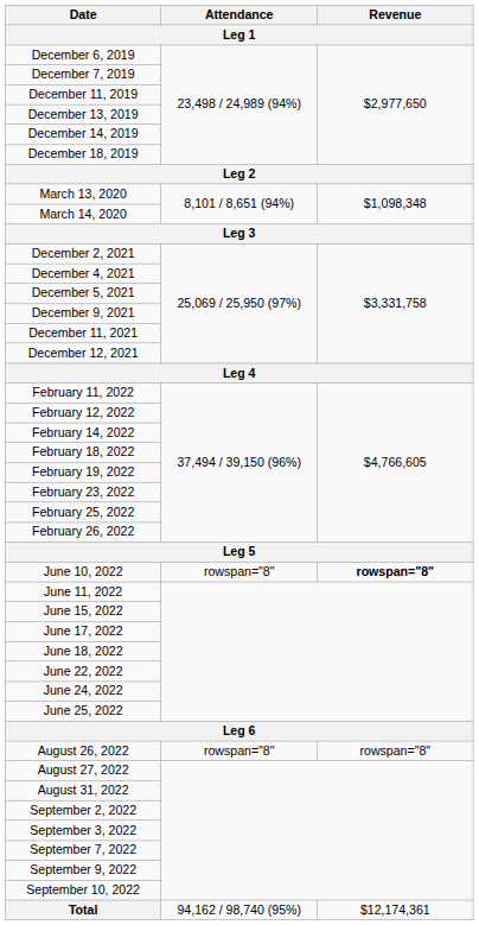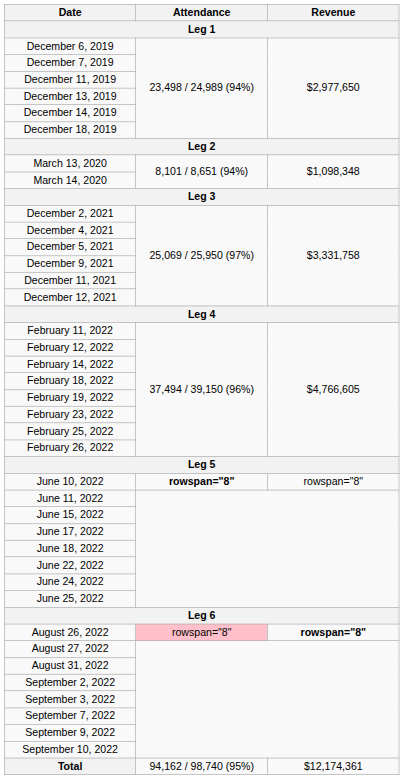 <table class="wikitable plainrowheaders" style="text-align:center;">
 <tr>
 <th scope="col" style="width:12em;">Date</th>
 <th scope="col" style="width:12em;">Attendance</th>
 <th scope="col" style="width:12em;">Revenue</th>
 </tr>
 <tr>
 <th colspan="3">Leg 1</th>
 </tr>
 <tr>
 <td>December 6, 2019</td>
 <td rowspan="6">23,498 / 24,989 (94%)</td>
 <td rowspan="6">$2,977,650</td>
 </tr>
 <tr>
 <td>December 7, 2019</td>
 </tr>
 <tr>
 <td>December 11, 2019</td>
 </tr>
 <tr>
 <td>December 13, 2019</td>
 </tr>
 <tr>
 <td>December 14, 2019</td>
 </tr>
 <tr>
 <td>December 18, 2019</td>
 </tr>
 <tr>
 <th colspan="3">Leg 2</th>
 </tr>
 <tr>
 <td>March 13, 2020</td>
 <td rowspan="2">8,101 / 8,651 (94%)</td>
 <td rowspan="2">$1,098,348</td>
 </tr>
 <tr>
 <td>March 14, 2020</td>
 </tr>
 <tr>
 <th colspan="3">Leg 3</th>
 </tr>
 <tr>
 <td>December 2, 2021</td>
 <td rowspan="6">25,069 / 25,950 (97%)</td>
 <td rowspan="6">$3,331,758</td>
 </tr>
 <tr>
 <td>December 4, 2021</td>
 </tr>
 <tr>
 <td>December 5, 2021</td>
 </tr>
 <tr>
 <td>December 9, 2021</td>
 </tr>
 <tr>
 <td>December 11, 2021</td>
 </tr>
 <tr>
 <td>December 12, 2021</td>
 </tr>
 <tr>
 <th colspan="3">Leg 4</th>
 </tr>
 <tr>
 <td scope="row">February 11, 2022</td>
 <td rowspan="8">37,494 / 39,150 (96%)</td>
 <td rowspan="8">$4,766,605</td>
 </tr>
 <tr>
 <td scope="row">February 12, 2022</td>
 </tr>
 <tr>
 <td scope="row">February 14, 2022</td>
 </tr>
 <tr>
 <td scope="row">February 18, 2022</td>
 </tr>
 <tr>
 <td scope="row">February 19, 2022</td>
 </tr>
 <tr>
 <td scope="row">February 23, 2022</td>
 </tr>
 <tr>
 <td scope="row">February 25, 2022</td>
 </tr>
 <tr>
 <td scope="row">February 26, 2022</td>
 </tr>
 <tr>
 <th colspan="3" scope="col" style="width:12em;">Leg 5</th>
 </tr>
 <tr>
 <td scope="row">June 10, 2022</td>
+<td><strong>rowspan="8" </strong></td>
 <td>rowspan="8" </td>
-<td><strong>rowspan="8" </strong></td>
 </tr>
 <tr>
 <td scope="row">June 11, 2022</td>
 </tr>
 <tr>
 <td scope="row">June 15, 2022</td>
 </tr>
 <tr>
 <td scope="row">June 17, 2022</td>
 </tr>
 <tr>
 <td scope="row">June 18, 2022</td>
 </tr>
 <tr>
 <td>June 22, 2022</td>
 </tr>
 <tr>
 <td>June 24, 2022</td>
 </tr>
 <tr>
 <td>June 25, 2022</td>
 </tr>
 <tr>
 <th colspan="3" scope="col" style="width:12em;">Leg 6</th>
 </tr>
 <tr>
 <td scope="row">August 26, 2022</td>
-<td>rowspan="8" </td>
-<td>rowspan="8" </td>
+<td style="background: pink;">rowspan="8" </td>
+<td><strong>rowspan="8" </strong></td>
 </tr>
 <tr>
 <td scope="row">August 27, 2022</td>
 </tr>
 <tr>
 <td scope="row">August 31, 2022</td>
 </tr>
 <tr>
 <td scope="row">September 2, 2022</td>
 </tr>
 <tr>
 <td scope="row">September 3, 2022</td>
 </tr>
 <tr>
 <td scope="row">September 7, 2022</td>
 </tr>
 <tr>
 <td scope="row">September 9, 2022</td>
 </tr>
 <tr>
 <td scope="row">September 10, 2022</td>
 </tr>
 <tr>
 <th colspan="1">Total</th>
 <td>94,162 / 98,740 (95%)</td>
 <td>$12,174,361</td>
 </tr>
 </table>
